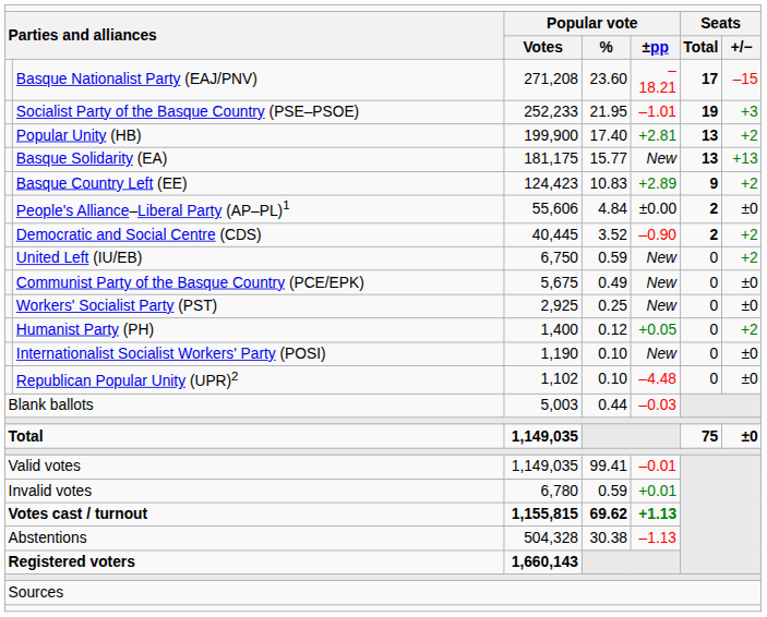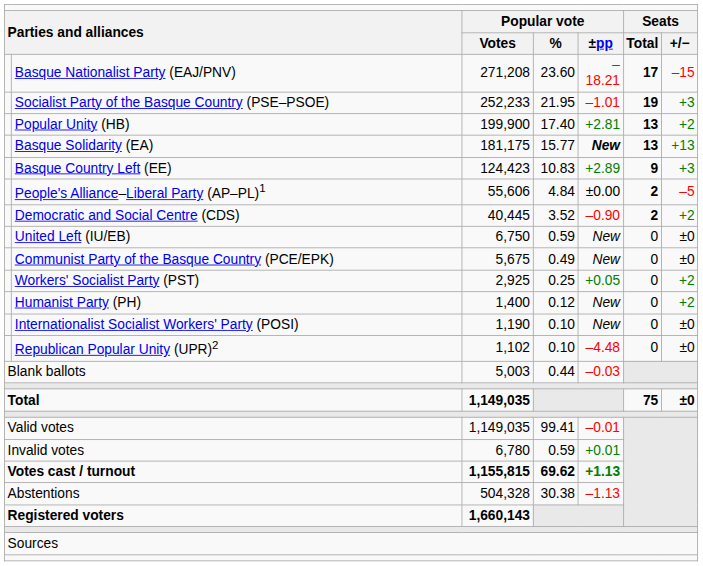 <table class="wikitable" style="text-align:right;">
 <tr>
 <td colspan="7"></td>
 </tr>
 <tr>
 <th style="text-align:left;" rowspan="2" colspan="2" width="525">Parties and alliances</th>
 <th colspan="3">Popular vote</th>
 <th colspan="2">Seats</th>
 </tr>
 <tr>
 <th width="75">Votes</th>
 <th width="45">%</th>
 <th width="45">±<a href='#'>pp</a></th>
 <th width="35">Total</th>
 <th width="35">+/−</th>
 </tr>
 <tr>
 <td width="1" style="color:inherit;background:"></td>
 <td align="left"><a href='#'>Basque Nationalist Party</a> (EAJ/PNV)</td>
 <td>271,208</td>
 <td>23.60</td>
 <td style="color:red;">–18.21</td>
 <td><strong>17</strong></td>
 <td style="color:red;">–15</td>
 </tr>
 <tr>
 <td style="color:inherit;background:"></td>
 <td align="left"><a href='#'>Socialist Party of the Basque Country</a> (PSE–PSOE)</td>
 <td>252,233</td>
 <td>21.95</td>
 <td style="color:red;">–1.01</td>
 <td><strong>19</strong></td>
 <td style="color:green;">+3</td>
 </tr>
 <tr>
 <td style="color:inherit;background:"></td>
 <td align="left"><a href='#'>Popular Unity</a> (HB)</td>
 <td>199,900</td>
 <td>17.40</td>
 <td style="color:green;">+2.81</td>
 <td><strong>13</strong></td>
 <td style="color:green;">+2</td>
 </tr>
 <tr>
 <td style="color:inherit;background:"></td>
 <td align="left"><a href='#'>Basque Solidarity</a> (EA)</td>
 <td>181,175</td>
 <td>15.77</td>
-<td><em>New</em></td>
+<td><strong><em>New</em></strong></td>
 <td><strong>13</strong></td>
 <td style="color:green;">+13</td>
 </tr>
 <tr>
 <td style="color:inherit;background:"></td>
 <td align="left"><a href='#'>Basque Country Left</a> (EE)</td>
 <td>124,423</td>
 <td>10.83</td>
 <td style="color:green;">+2.89</td>
 <td><strong>9</strong></td>
-<td style="color:green;">+2</td>
+<td style="color:green;">+3</td>
 </tr>
 <tr>
 <td style="color:inherit;background:"></td>
 <td align="left"><a href='#'>People's Alliance</a>–<a href='#'>Liberal Party</a> (AP–PL)<sup>1</sup></td>
 <td>55,606</td>
 <td>4.84</td>
 <td>±0.00</td>
 <td><strong>2</strong></td>
-<td>±0</td>
+<td style="color:red;">–5</td>
 </tr>
 <tr>
 <td style="color:inherit;background:"></td>
 <td align="left"><a href='#'>Democratic and Social Centre</a> (CDS)</td>
 <td>40,445</td>
 <td>3.52</td>
 <td style="color:red;">–0.90</td>
 <td><strong>2</strong></td>
 <td style="color:green;">+2</td>
 </tr>
 <tr>
 <td style="color:inherit;background:"></td>
 <td align="left"><a href='#'>United Left</a> (IU/EB)</td>
 <td>6,750</td>
 <td>0.59</td>
 <td><em>New</em></td>
 <td>0</td>
-<td style="color:green;">+2</td>
+<td>±0</td>
 </tr>
 <tr>
 <td style="color:inherit;background:"></td>
 <td align="left"><a href='#'>Communist Party of the Basque Country</a> (PCE/EPK)</td>
 <td>5,675</td>
 <td>0.49</td>
 <td><em>New</em></td>
 <td>0</td>
 <td>±0</td>
 </tr>
 <tr>
 <td style="color:inherit;background:"></td>
 <td align="left"><a href='#'>Workers' Socialist Party</a> (PST)</td>
 <td>2,925</td>
 <td>0.25</td>
-<td><em>New</em></td>
+<td style="color:green;">+0.05</td>
 <td>0</td>
-<td>±0</td>
+<td style="color:green;">+2</td>
 </tr>
 <tr>
 <td style="color:inherit;background:"></td>
 <td align="left"><a href='#'>Humanist Party</a> (PH)</td>
 <td>1,400</td>
 <td>0.12</td>
-<td style="color:green;">+0.05</td>
+<td><em>New</em></td>
 <td>0</td>
 <td style="color:green;">+2</td>
 </tr>
 <tr>
 <td style="color:inherit;background:"></td>
 <td align="left"><a href='#'>Internationalist Socialist Workers' Party</a> (POSI)</td>
 <td>1,190</td>
 <td>0.10</td>
 <td><em>New</em></td>
 <td>0</td>
 <td>±0</td>
 </tr>
 <tr>
 <td style="color:inherit;background:"></td>
 <td align="left"><a href='#'>Republican Popular Unity</a> (UPR)<sup>2</sup></td>
 <td>1,102</td>
 <td>0.10</td>
 <td style="color:red;">–4.48</td>
 <td>0</td>
 <td>±0</td>
 </tr>
 <tr>
 <td align="left" colspan="2">Blank ballots</td>
 <td>5,003</td>
 <td>0.44</td>
 <td style="color:red;">–0.03</td>
 <td bgcolor="#E9E9E9" colspan="2"></td>
 </tr>
 <tr>
 <td colspan="7" bgcolor="#E9E9E9"></td>
 </tr>
 <tr style="font-weight:bold;">
 <td align="left" colspan="2">Total</td>
 <td>1,149,035</td>
 <td bgcolor="#E9E9E9" colspan="2"></td>
 <td>75</td>
 <td>±0</td>
 </tr>
 <tr>
 <td colspan="7" bgcolor="#E9E9E9"></td>
 </tr>
 <tr>
 <td align="left" colspan="2">Valid votes</td>
 <td>1,149,035</td>
 <td>99.41</td>
 <td style="color:red;">–0.01</td>
 <td bgcolor="#E9E9E9" colspan="2" rowspan="5"></td>
 </tr>
 <tr>
 <td align="left" colspan="2">Invalid votes</td>
 <td>6,780</td>
 <td>0.59</td>
 <td style="color:green;">+0.01</td>
 </tr>
 <tr style="font-weight:bold;">
 <td align="left" colspan="2">Votes cast / turnout</td>
 <td>1,155,815</td>
 <td>69.62</td>
 <td style="color:green;">+1.13</td>
 </tr>
 <tr>
 <td align="left" colspan="2">Abstentions</td>
 <td>504,328</td>
 <td>30.38</td>
 <td style="color:red;">–1.13</td>
 </tr>
 <tr style="font-weight:bold;">
 <td align="left" colspan="2">Registered voters</td>
 <td>1,660,143</td>
 <td bgcolor="#E9E9E9" colspan="2"></td>
 </tr>
 <tr>
 <td colspan="7" bgcolor="#E9E9E9"></td>
 </tr>
 <tr>
 <td align="left" colspan="7">Sources</td>
 </tr>
 <tr>
 <td colspan="7" style="text-align:left; max-width:790px;"></td>
 </tr>
 </table>
